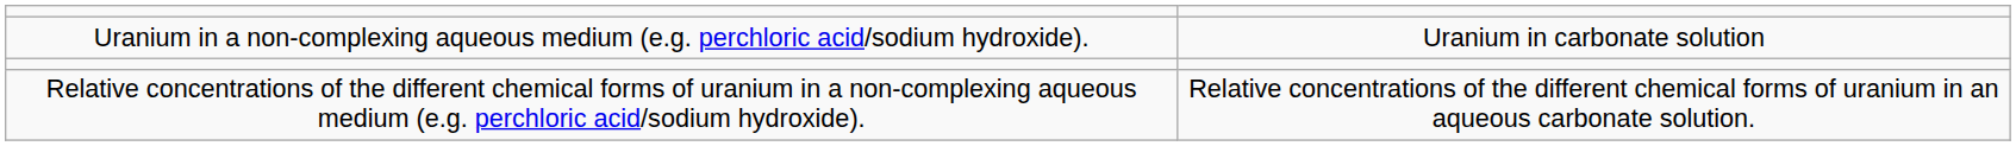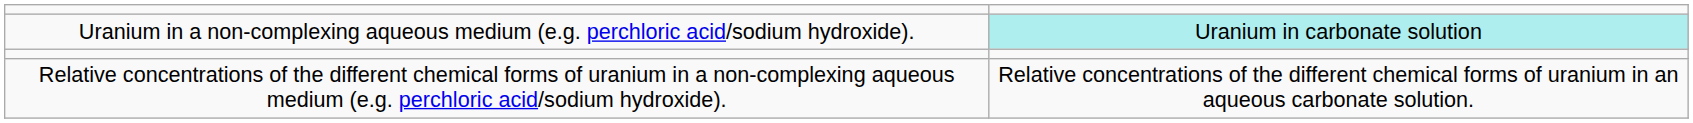 <table class="wikitable" style="text-align:center; float:center">
 <tr>
 <td></td>
 <td></td>
 </tr>
 <tr>
 <td>Uranium in a non-complexing aqueous medium (e.g. <a href='#'>perchloric acid</a>/sodium hydroxide).</td>
-<td>Uranium in carbonate solution</td>
+<td style="background: paleturquoise;">Uranium in carbonate solution</td>
 </tr>
 <tr>
 <td></td>
 <td></td>
 </tr>
 <tr>
 <td>Relative concentrations of the different chemical forms of uranium in a non-complexing aqueous medium (e.g. <a href='#'>perchloric acid</a>/sodium hydroxide).</td>
 <td>Relative concentrations of the different chemical forms of uranium in an aqueous carbonate solution.</td>
 </tr>
 </table>
